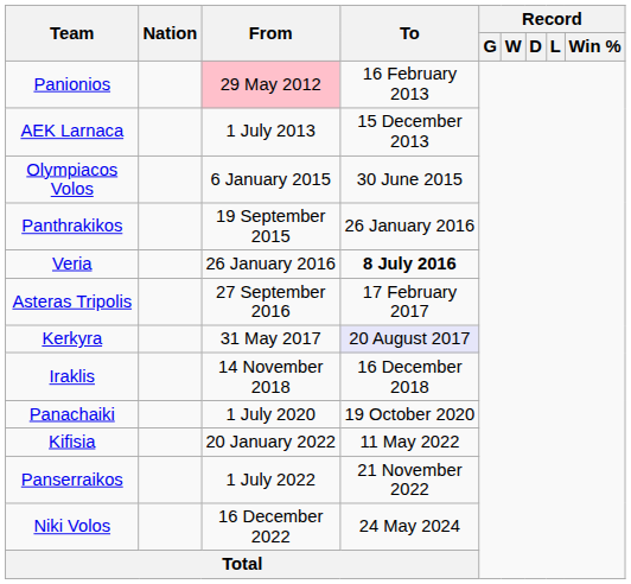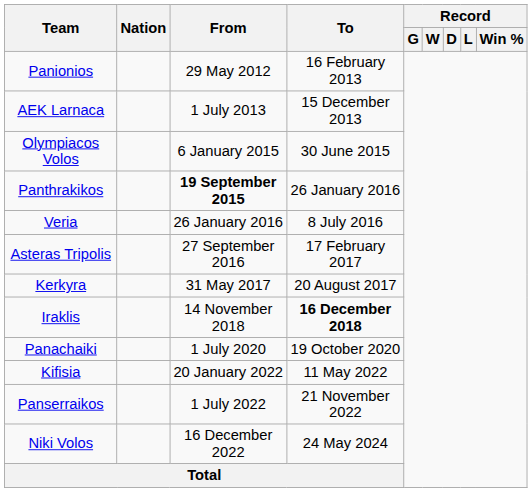 <table class="wikitable" style="text-align: center;">
 <tr>
 <th rowspan="2" width="115">Team</th>
 <th rowspan="2" width="30">Nation</th>
 <th rowspan="2" width="120">From</th>
 <th rowspan="2" width="120">To</th>
 <th colspan="5" width="120">Record</th>
 </tr>
 <tr>
 <th>G</th>
 <th>W</th>
 <th>D</th>
 <th>L</th>
 <th>Win %</th>
 </tr>
 <tr>
 <td align=center><a href='#'>Panionios</a></td>
 <td></td>
-<td align=center style="background: pink;">29 May 2012</td>
+<td align=center>29 May 2012</td>
 <td align=center>16 February 2013<br></td>
 </tr>
 <tr>
 <td align=center><a href='#'>AEK Larnaca</a></td>
 <td></td>
 <td align=center>1 July 2013</td>
 <td align=center>15 December 2013<br></td>
 </tr>
 <tr>
 <td align=center><a href='#'>Olympiacos Volos</a></td>
 <td></td>
 <td align=center>6 January 2015</td>
 <td align=center>30 June 2015<br></td>
 </tr>
 <tr>
 <td align=center><a href='#'>Panthrakikos</a></td>
 <td></td>
-<td align=center>19 September 2015</td>
+<td align=center><strong>19 September 2015</strong></td>
 <td align=center>26 January 2016<br></td>
 </tr>
 <tr>
 <td align=center><a href='#'>Veria</a></td>
 <td></td>
 <td align=center>26 January 2016</td>
-<td align=center><strong>8 July 2016<br></strong></td>
+<td align=center>8 July 2016<br></td>
 </tr>
 <tr>
 <td align=center><a href='#'>Asteras Tripolis</a></td>
 <td></td>
 <td align=center>27 September 2016</td>
 <td align=center>17 February 2017<br></td>
 </tr>
 <tr>
 <td align=center><a href='#'>Kerkyra</a></td>
 <td></td>
 <td align=center>31 May 2017</td>
-<td align=center style="background: lavender;">20 August 2017<br></td>
+<td align=center>20 August 2017<br></td>
 </tr>
 <tr>
 <td align=center><a href='#'>Iraklis</a></td>
 <td></td>
 <td align=center>14 November 2018</td>
-<td align=center>16 December 2018<br></td>
+<td align=center><strong>16 December 2018<br></strong></td>
 </tr>
 <tr>
 <td align=center><a href='#'>Panachaiki</a></td>
 <td></td>
 <td align=center>1 July 2020</td>
 <td align=center>19 October 2020<br></td>
 </tr>
 <tr>
 <td align=center><a href='#'>Kifisia</a></td>
 <td></td>
 <td align=center>20 January 2022</td>
 <td align=center>11 May 2022<br></td>
 </tr>
 <tr>
 <td align=center><a href='#'>Panserraikos</a></td>
 <td></td>
 <td align=center>1 July 2022</td>
 <td align=center>21 November 2022<br></td>
 </tr>
 <tr>
 <td align=center><a href='#'>Niki Volos</a></td>
 <td></td>
 <td align=center>16 December 2022</td>
 <td align=center>24 May 2024<br></td>
 </tr>
 <tr>
 <th colspan="4">Total<br></th>
 </tr>
 </table>
